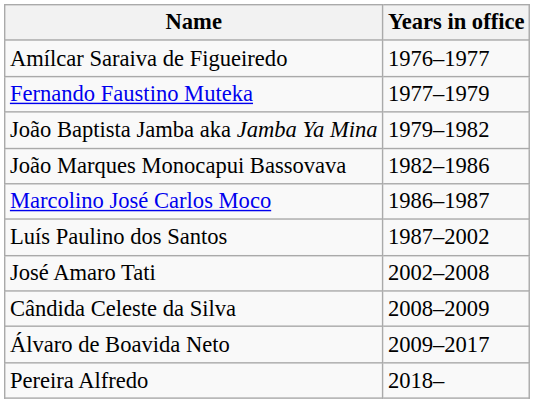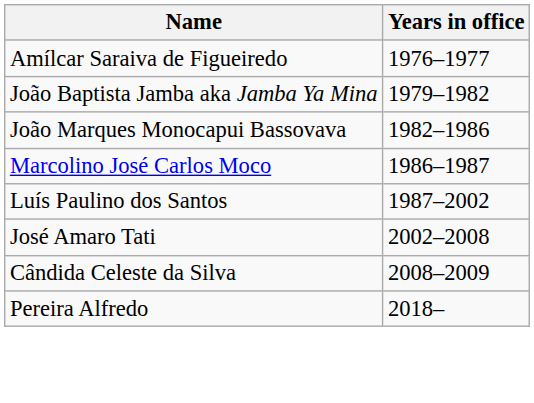 <table class="wikitable sortable">
 <tr>
 <th>Name</th>
 <th>Years in office</th>
 </tr>
 <tr>
 <td>Amílcar Saraiva de Figueiredo</td>
 <td data-sort-value="02">1976–1977</td>
-</tr>
-<tr>
-<td><a href='#'>Fernando Faustino Muteka</a></td>
-<td data-sort-value="03">1977–1979</td>
 </tr>
 <tr>
 <td>João Baptista Jamba aka <em>Jamba Ya Mina</em></td>
 <td data-sort-value="04">1979–1982</td>
 </tr>
 <tr>
 <td>João Marques Monocapui Bassovava</td>
 <td data-sort-value="05">1982–1986</td>
 </tr>
 <tr>
 <td><a href='#'>Marcolino José Carlos Moco</a></td>
 <td data-sort-value="02">1986–1987</td>
 </tr>
 <tr>
 <td>Luís Paulino dos Santos</td>
 <td data-sort-value="16">1987–2002</td>
 </tr>
 <tr>
 <td>José Amaro Tati</td>
 <td data-sort-value="07">2002–2008</td>
 </tr>
 <tr>
 <td>Cândida Celeste da Silva</td>
 <td data-sort-value="02">2008–2009</td>
 </tr>
 <tr>
-<td>Álvaro de Boavida Neto</td>
-<td data-sort-value="09">2009–2017</td>
-</tr>
-<tr>
 <td>Pereira Alfredo</td>
 <td data-sort-value="02">2018–</td>
 </tr>
 </table>
